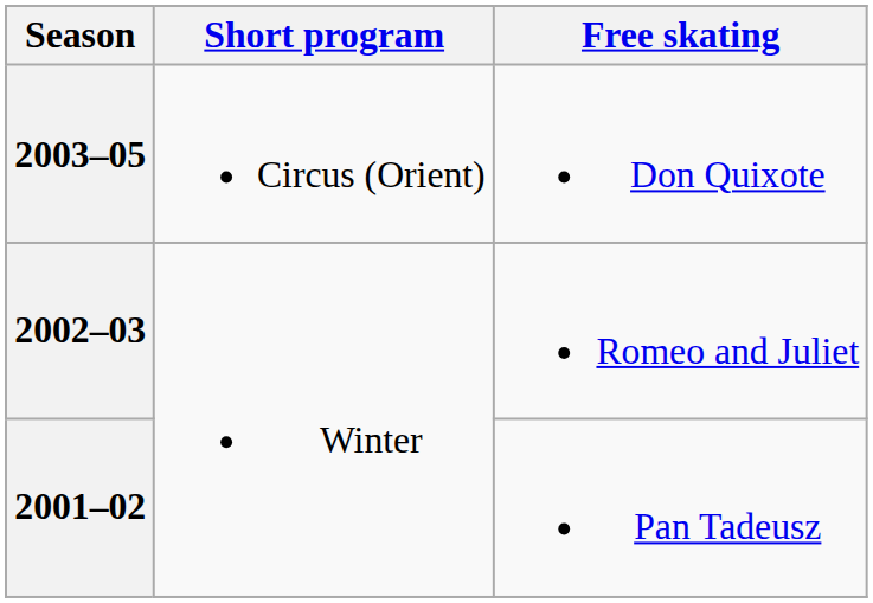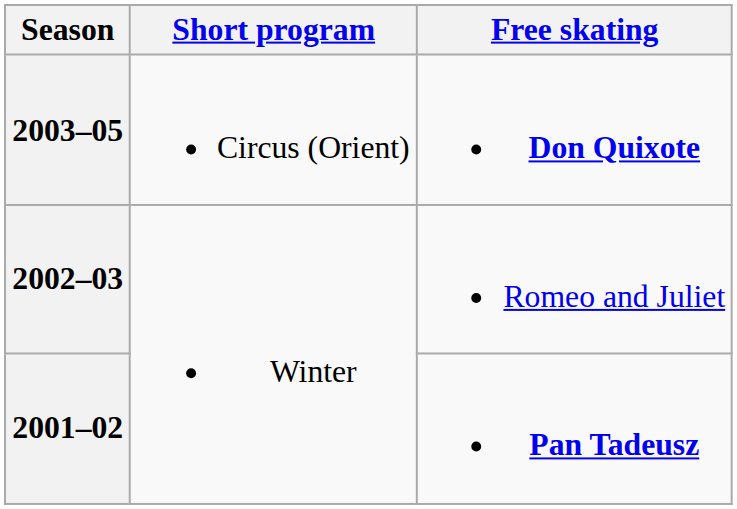 <table class=wikitable style=text-align:center>
 <tr>
 <th>Season</th>
 <th><a href='#'>Short program</a></th>
 <th><a href='#'>Free skating</a></th>
 </tr>
 <tr>
 <th>2003–05 <br> </th>
 <td><br><ul><li>Circus (Orient)</li></ul></td>
-<td><br><ul><li><a href='#'>Don Quixote</a> <br></li></ul></td>
+<td><strong><br><ul><li><a href='#'>Don Quixote</a> <br></li></ul></strong></td>
 </tr>
 <tr>
 <th>2002–03 <br> </th>
 <td rowspan=2><br><ul><li>Winter <br></li></ul></td>
 <td><br><ul><li><a href='#'>Romeo and Juliet</a> <br></li></ul></td>
 </tr>
 <tr>
 <th>2001–02 <br> </th>
-<td><br><ul><li><a href='#'>Pan Tadeusz</a> <br></li></ul></td>
+<td><strong><br><ul><li><a href='#'>Pan Tadeusz</a> <br></li></ul></strong></td>
 </tr>
 </table>
